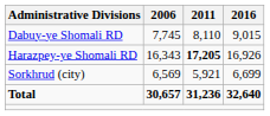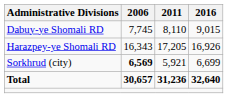 <table class="wikitable">
 <tr>
 <th>Administrative Divisions</th>
 <th>2006</th>
 <th>2011</th>
 <th>2016</th>
 </tr>
 <tr>
 <td><a href='#'>Dabuy-ye Shomali RD</a></td>
 <td style="text-align: right;">7,745</td>
 <td style="text-align: right;">8,110</td>
 <td style="text-align: right;">9,015</td>
 </tr>
 <tr>
 <td><a href='#'>Harazpey-ye Shomali RD</a></td>
 <td style="text-align: right;">16,343</td>
-<td style="text-align: right;"><strong>17,205</strong></td>
+<td style="text-align: right;">17,205</td>
 <td style="text-align: right;">16,926</td>
 </tr>
 <tr>
 <td><a href='#'>Sorkhrud</a> (city)</td>
-<td style="text-align: right;">6,569</td>
+<td style="text-align: right;"><strong>6,569</strong></td>
 <td style="text-align: right;">5,921</td>
 <td style="text-align: right;">6,699</td>
 </tr>
 <tr>
 <td><strong>Total</strong></td>
 <td style="text-align: right;"><strong>30,657</strong></td>
 <td style="text-align: right;"><strong>31,236</strong></td>
 <td style="text-align: right;"><strong>32,640</strong></td>
 </tr>
 <tr>
 <td colspan=4></td>
 </tr>
 </table>
